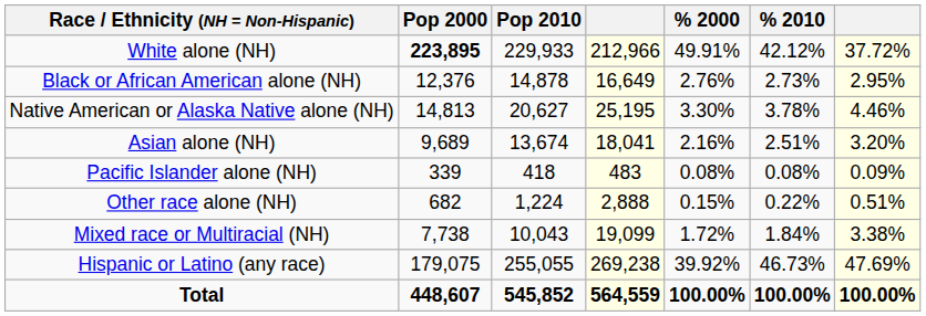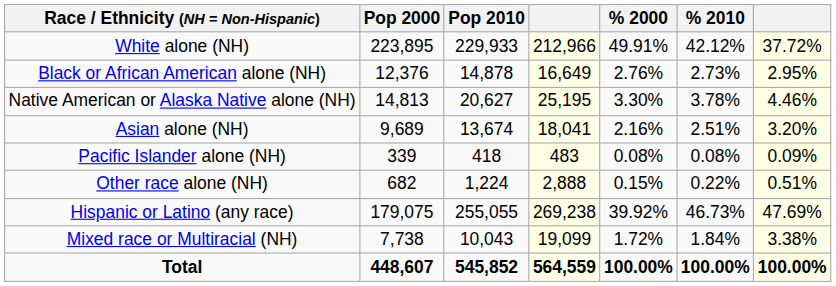 <table class="wikitable" style="text-align:center;">
 <tr>
 <th>Race / Ethnicity <small>(<em>NH = Non-Hispanic</em>)</small></th>
 <th>Pop 2000</th>
 <th>Pop 2010</th>
 <th></th>
 <th>% 2000</th>
 <th>% 2010</th>
 <th></th>
 </tr>
 <tr>
 <td><a href='#'>White</a> alone (NH)</td>
-<td><strong>223,895</strong></td>
+<td>223,895</td>
 <td>229,933</td>
 <td style='background: #ffffe6;'>212,966</td>
 <td>49.91%</td>
 <td>42.12%</td>
 <td style='background: #ffffe6;'>37.72%</td>
 </tr>
 <tr>
 <td><a href='#'>Black or African American</a> alone (NH)</td>
 <td>12,376</td>
 <td>14,878</td>
 <td style='background: #ffffe6;'>16,649</td>
 <td>2.76%</td>
 <td>2.73%</td>
 <td style='background: #ffffe6;'>2.95%</td>
 </tr>
 <tr>
 <td>Native American or <a href='#'>Alaska Native</a> alone (NH)</td>
 <td>14,813</td>
 <td>20,627</td>
 <td style='background: #ffffe6;'>25,195</td>
 <td>3.30%</td>
 <td>3.78%</td>
 <td style='background: #ffffe6;'>4.46%</td>
 </tr>
 <tr>
 <td><a href='#'>Asian</a> alone (NH)</td>
 <td>9,689</td>
 <td>13,674</td>
 <td style='background: #ffffe6;'>18,041</td>
 <td>2.16%</td>
 <td>2.51%</td>
 <td style='background: #ffffe6;'>3.20%</td>
 </tr>
 <tr>
 <td><a href='#'>Pacific Islander</a> alone (NH)</td>
 <td>339</td>
 <td>418</td>
 <td style='background: #ffffe6;'>483</td>
 <td>0.08%</td>
 <td>0.08%</td>
 <td style='background: #ffffe6;'>0.09%</td>
 </tr>
 <tr>
 <td><a href='#'>Other race</a> alone (NH)</td>
 <td>682</td>
 <td>1,224</td>
 <td style='background: #ffffe6;'>2,888</td>
 <td>0.15%</td>
 <td>0.22%</td>
 <td style='background: #ffffe6;'>0.51%</td>
 </tr>
 <tr>
+<td><a href='#'>Hispanic or Latino</a> (any race)</td>
+<td>179,075</td>
+<td>255,055</td>
+<td style='background: #ffffe6;'>269,238</td>
+<td>39.92%</td>
+<td>46.73%</td>
+<td style='background: #ffffe6;'>47.69%</td>
+</tr>
+<tr>
 <td><a href='#'>Mixed race or Multiracial</a> (NH)</td>
 <td>7,738</td>
 <td>10,043</td>
 <td style='background: #ffffe6;'>19,099</td>
 <td>1.72%</td>
 <td>1.84%</td>
 <td style='background: #ffffe6;'>3.38%</td>
-</tr>
-<tr>
-<td><a href='#'>Hispanic or Latino</a> (any race)</td>
-<td>179,075</td>
-<td>255,055</td>
-<td style='background: #ffffe6;'>269,238</td>
-<td>39.92%</td>
-<td>46.73%</td>
-<td style='background: #ffffe6;'>47.69%</td>
 </tr>
 <tr>
 <td><strong>Total</strong></td>
 <td><strong>448,607</strong></td>
 <td><strong>545,852</strong></td>
 <td style='background: #ffffe6;'><strong>564,559</strong></td>
 <td><strong>100.00%</strong></td>
 <td><strong>100.00%</strong></td>
 <td style='background: #ffffe6;'><strong>100.00%</strong></td>
 </tr>
 </table>
